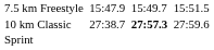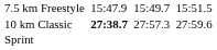 <table>
 <tr>
 <td>7.5 km Freestyle</td>
 <td></td>
 <td>15:47.9</td>
 <td></td>
 <td>15:49.7</td>
 <td></td>
 <td>15:51.5</td>
 </tr>
 <tr>
 <td>10 km Classic</td>
 <td></td>
-<td>27:38.7</td>
+<td><strong>27:38.7</strong></td>
 <td></td>
-<td><strong>27:57.3</strong></td>
+<td>27:57.3</td>
 <td></td>
 <td>27:59.6</td>
 </tr>
 <tr>
 <td>Sprint</td>
 <td colspan="2"></td>
 <td colspan="2"></td>
 <td colspan="2"></td>
 </tr>
 </table>
